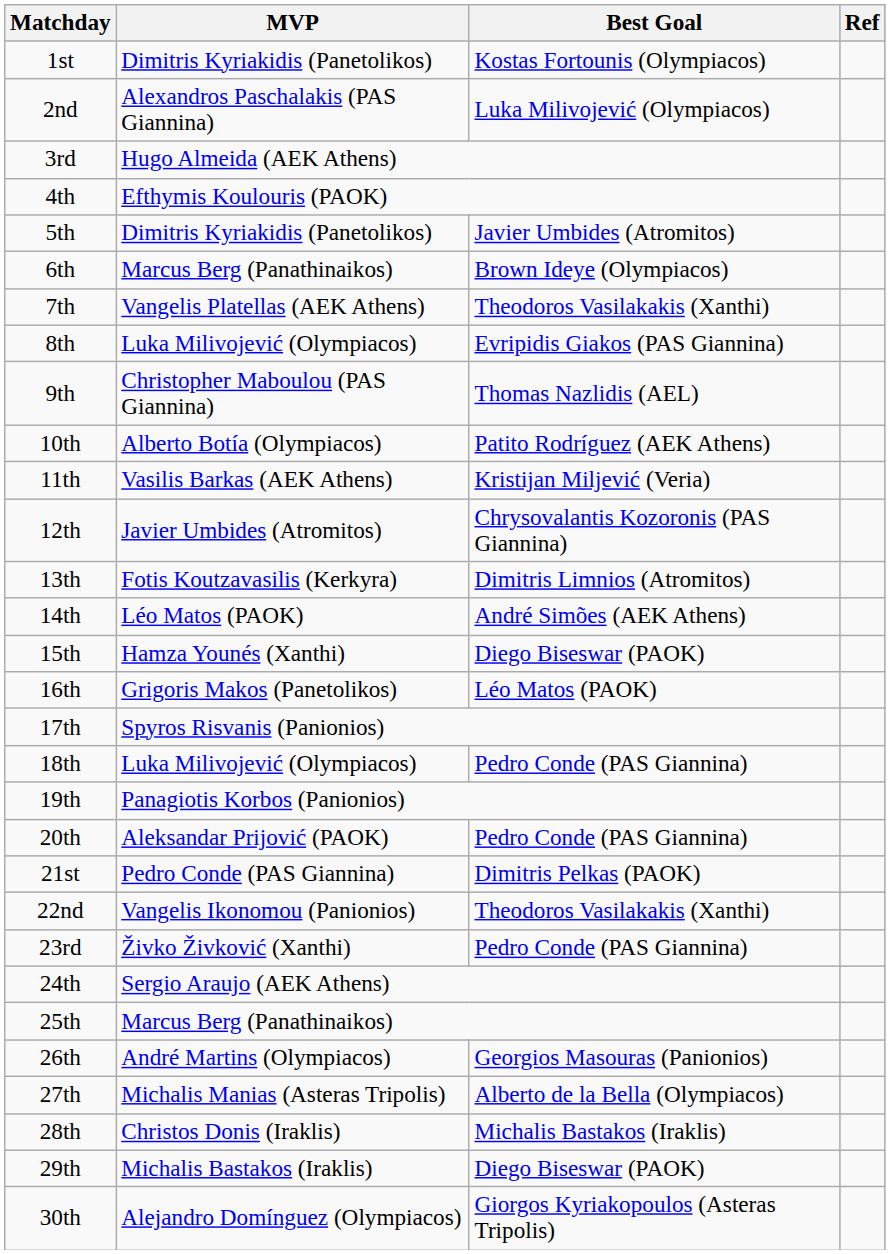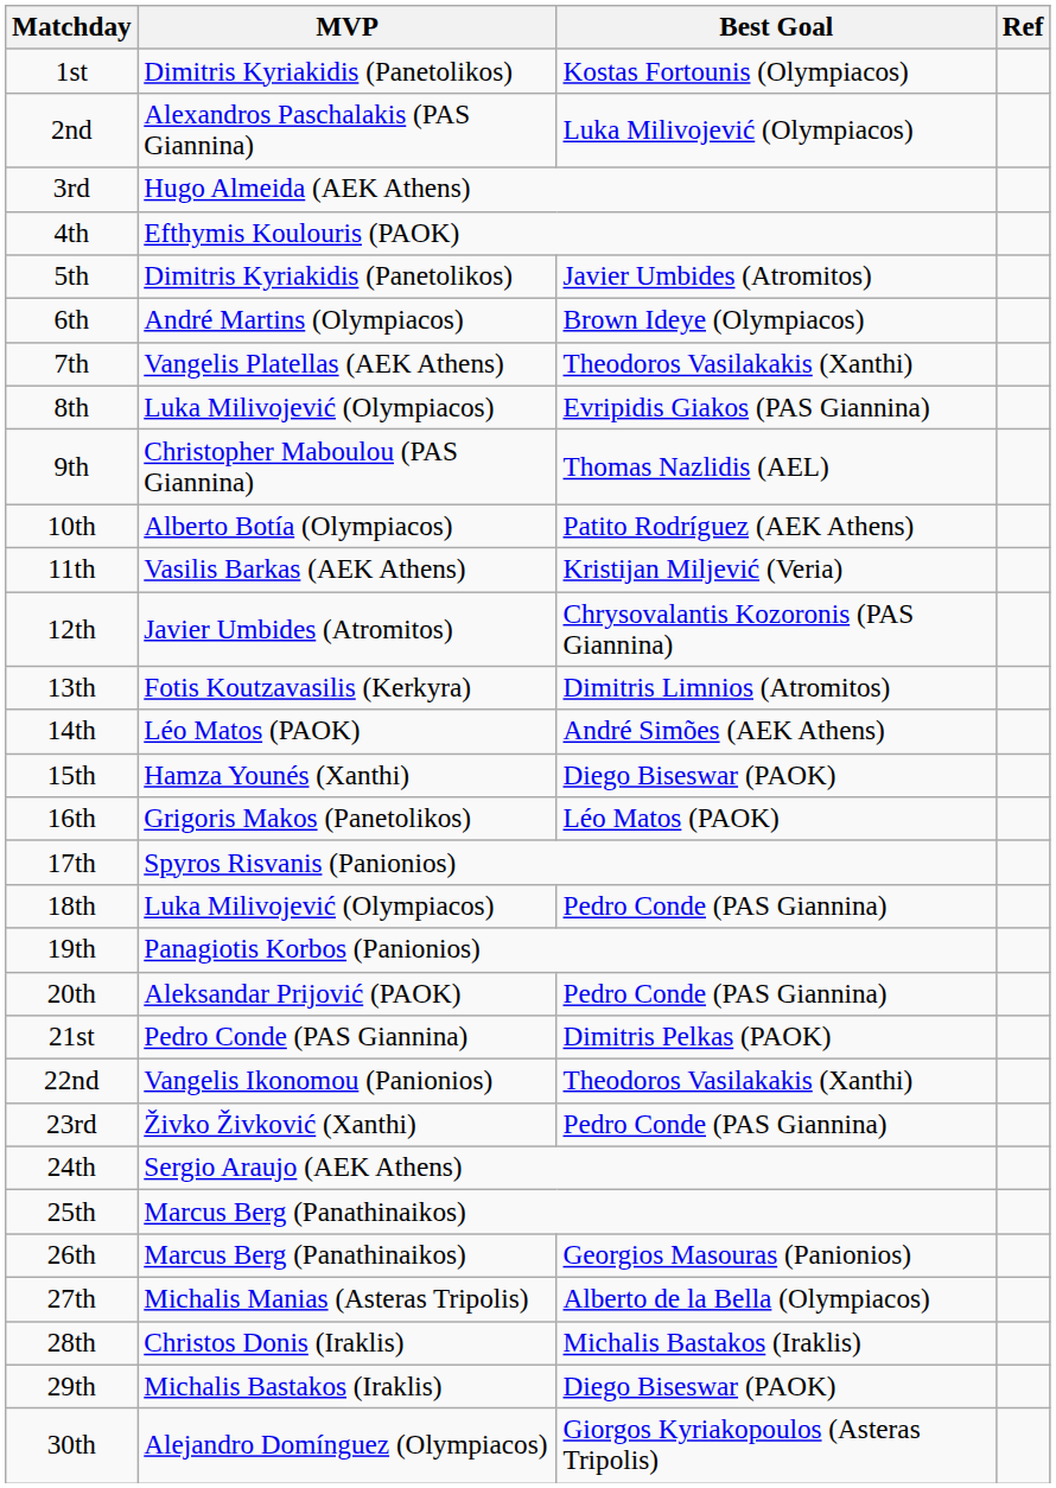 <table class="wikitable">
 <tr>
 <th>Matchday</th>
 <th>MVP</th>
 <th>Best Goal</th>
 <th>Ref</th>
 </tr>
 <tr>
 <td align="center">1st</td>
 <td> <a href='#'>Dimitris Kyriakidis</a> (Panetolikos)</td>
 <td> <a href='#'>Kostas Fortounis</a> (Olympiacos)</td>
 <td align="center"></td>
 </tr>
 <tr>
 <td align="center">2nd</td>
 <td> <a href='#'>Alexandros Paschalakis</a> (PAS Giannina)</td>
 <td> <a href='#'>Luka Milivojević</a> (Olympiacos)</td>
 <td align="center"></td>
 </tr>
 <tr>
 <td align="center">3rd</td>
 <td colspan=2> <a href='#'>Hugo Almeida</a> (AEK Athens)</td>
 <td align="center"></td>
 </tr>
 <tr>
 <td align="center">4th</td>
 <td colspan=2> <a href='#'>Efthymis Koulouris</a> (PAOK)</td>
 <td align="center"></td>
 </tr>
 <tr>
 <td align="center">5th</td>
 <td> <a href='#'>Dimitris Kyriakidis</a> (Panetolikos)</td>
 <td> <a href='#'>Javier Umbides</a> (Atromitos)</td>
 <td align="center"></td>
 </tr>
 <tr>
 <td align="center">6th</td>
-<td> <a href='#'>Marcus Berg</a> (Panathinaikos)</td>
+<td> <a href='#'>André Martins</a> (Olympiacos)</td>
 <td> <a href='#'>Brown Ideye</a> (Olympiacos)</td>
 <td align="center"></td>
 </tr>
 <tr>
 <td align="center">7th</td>
 <td> <a href='#'>Vangelis Platellas</a> (AEK Athens)</td>
 <td> <a href='#'>Theodoros Vasilakakis</a> (Xanthi)</td>
 <td align="center"></td>
 </tr>
 <tr>
 <td align="center">8th</td>
 <td> <a href='#'>Luka Milivojević</a> (Olympiacos)</td>
 <td> <a href='#'>Evripidis Giakos</a> (PAS Giannina)</td>
 <td align="center"></td>
 </tr>
 <tr>
 <td align="center">9th</td>
 <td> <a href='#'>Christopher Maboulou</a> (PAS Giannina)</td>
 <td> <a href='#'>Thomas Nazlidis</a> (AEL)</td>
 <td align="center"></td>
 </tr>
 <tr>
 <td align="center">10th</td>
 <td> <a href='#'>Alberto Botía</a> (Olympiacos)</td>
 <td> <a href='#'>Patito Rodríguez</a> (AEK Athens)</td>
 <td align="center"></td>
 </tr>
 <tr>
 <td align="center">11th</td>
 <td> <a href='#'>Vasilis Barkas</a> (AEK Athens)</td>
 <td> <a href='#'>Kristijan Miljević</a> (Veria)</td>
 <td align="center"></td>
 </tr>
 <tr>
 <td align="center">12th</td>
 <td> <a href='#'>Javier Umbides</a> (Atromitos)</td>
 <td> <a href='#'>Chrysovalantis Kozoronis</a> (PAS Giannina)</td>
 <td align="center"></td>
 </tr>
 <tr>
 <td align="center">13th</td>
 <td> <a href='#'>Fotis Koutzavasilis</a> (Kerkyra)</td>
 <td> <a href='#'>Dimitris Limnios</a> (Atromitos)</td>
 <td align="center"></td>
 </tr>
 <tr>
 <td align="center">14th</td>
 <td> <a href='#'>Léo Matos</a> (PAOK)</td>
 <td> <a href='#'>André Simões</a> (AEK Athens)</td>
 <td align="center"></td>
 </tr>
 <tr>
 <td align="center">15th</td>
 <td> <a href='#'>Hamza Younés</a> (Xanthi)</td>
 <td> <a href='#'>Diego Biseswar</a> (PAOK)</td>
 <td align="center"></td>
 </tr>
 <tr>
 <td align="center">16th</td>
 <td> <a href='#'>Grigoris Makos</a> (Panetolikos)</td>
 <td> <a href='#'>Léo Matos</a> (PAOK)</td>
 <td align="center"></td>
 </tr>
 <tr>
 <td align="center">17th</td>
 <td colspan=2> <a href='#'>Spyros Risvanis</a> (Panionios)</td>
 <td align="center"></td>
 </tr>
 <tr>
 <td align="center">18th</td>
 <td> <a href='#'>Luka Milivojević</a> (Olympiacos)</td>
 <td> <a href='#'>Pedro Conde</a> (PAS Giannina)</td>
 <td align="center"></td>
 </tr>
 <tr>
 <td align="center">19th</td>
 <td colspan=2> <a href='#'>Panagiotis Korbos</a> (Panionios)</td>
 <td align="center"></td>
 </tr>
 <tr>
 <td align="center">20th</td>
 <td> <a href='#'>Aleksandar Prijović</a> (PAOK)</td>
 <td> <a href='#'>Pedro Conde</a> (PAS Giannina)</td>
 <td align="center"></td>
 </tr>
 <tr>
 <td align="center">21st</td>
 <td> <a href='#'>Pedro Conde</a> (PAS Giannina)</td>
 <td> <a href='#'>Dimitris Pelkas</a> (PAOK)</td>
 <td align="center"></td>
 </tr>
 <tr>
 <td align="center">22nd</td>
 <td> <a href='#'>Vangelis Ikonomou</a> (Panionios)</td>
 <td> <a href='#'>Theodoros Vasilakakis</a> (Xanthi)</td>
 <td align="center"></td>
 </tr>
 <tr>
 <td align="center">23rd</td>
 <td> <a href='#'>Živko Živković</a> (Xanthi)</td>
 <td> <a href='#'>Pedro Conde</a> (PAS Giannina)</td>
 <td align="center"></td>
 </tr>
 <tr>
 <td align="center">24th</td>
 <td colspan=2> <a href='#'>Sergio Araujo</a> (AEK Athens)</td>
 <td align="center"></td>
 </tr>
 <tr>
 <td align="center">25th</td>
 <td colspan=2> <a href='#'>Marcus Berg</a> (Panathinaikos)</td>
 <td align="center"></td>
 </tr>
 <tr>
 <td align="center">26th</td>
-<td> <a href='#'>André Martins</a> (Olympiacos)</td>
+<td> <a href='#'>Marcus Berg</a> (Panathinaikos)</td>
 <td> <a href='#'>Georgios Masouras</a> (Panionios)</td>
 <td align="center"></td>
 </tr>
 <tr>
 <td align="center">27th</td>
 <td> <a href='#'>Michalis Manias</a> (Asteras Tripolis)</td>
 <td> <a href='#'>Alberto de la Bella</a> (Olympiacos)</td>
 <td align="center"></td>
 </tr>
 <tr>
 <td align="center">28th</td>
 <td> <a href='#'>Christos Donis</a> (Iraklis)</td>
 <td> <a href='#'>Michalis Bastakos</a> (Iraklis)</td>
 <td align="center"></td>
 </tr>
 <tr>
 <td align="center">29th</td>
 <td> <a href='#'>Michalis Bastakos</a> (Iraklis)</td>
 <td> <a href='#'>Diego Biseswar</a> (PAOK)</td>
 <td align="center"></td>
 </tr>
 <tr>
 <td align="center">30th</td>
 <td> <a href='#'>Alejandro Domínguez</a> (Olympiacos)</td>
 <td> <a href='#'>Giorgos Kyriakopoulos</a> (Asteras Tripolis)</td>
 <td align="center"></td>
 </tr>
 </table>
